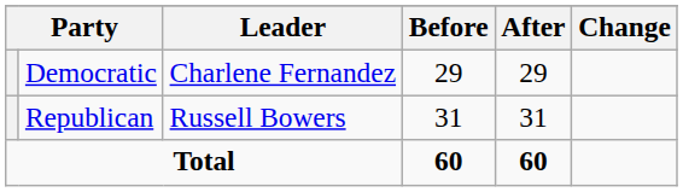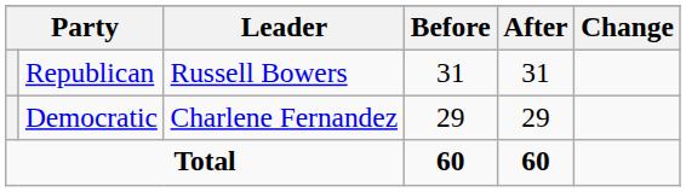 <table class="wikitable" style="text-align:center;">
 <tr>
 </tr>
 <tr>
 <th colspan=2>Party</th>
 <th>Leader</th>
 <th>Before</th>
 <th>After</th>
 <th>Change</th>
 </tr>
 <tr>
 <th style="background-color:"></th>
+<td style="text-align:left;"><a href='#'>Republican</a></td>
+<td style="text-align:left;"><a href='#'>Russell Bowers</a></td>
+<td>31</td>
+<td>31</td>
+<td></td>
+</tr>
+<tr>
+<th style="background-color:"></th>
 <td style="text-align:left;"><a href='#'>Democratic</a></td>
 <td style="text-align:left;"><a href='#'>Charlene Fernandez</a></td>
 <td>29</td>
 <td>29</td>
-<td></td>
-</tr>
-<tr>
-<th style="background-color:"></th>
-<td style="text-align:left;"><a href='#'>Republican</a></td>
-<td style="text-align:left;"><a href='#'>Russell Bowers</a></td>
-<td>31</td>
-<td>31</td>
 <td></td>
 </tr>
 <tr>
 <td colspan=3><strong>Total</strong></td>
 <td><strong>60</strong></td>
 <td><strong>60</strong></td>
 <td></td>
 </tr>
 </table>
